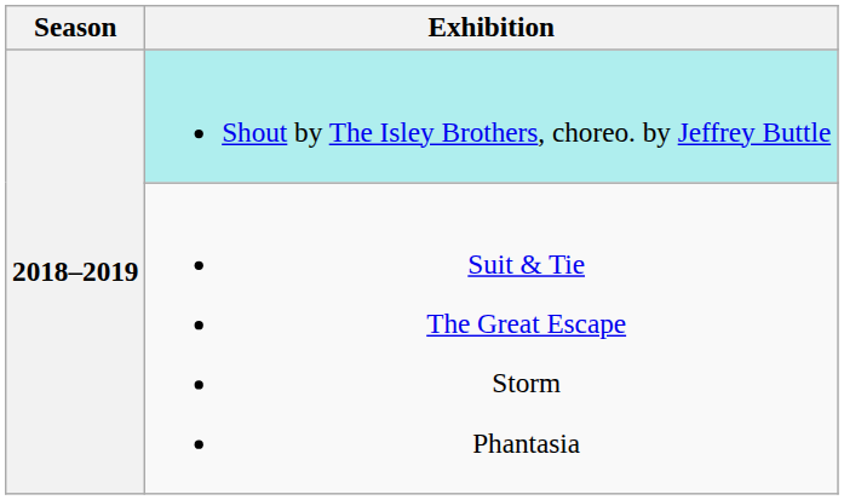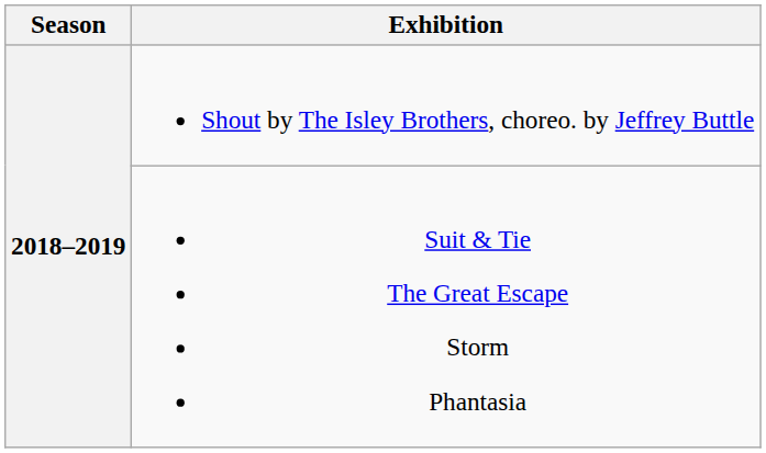 <table class="wikitable" style="text-align:center">
 <tr>
 <th>Season</th>
 <th>Exhibition</th>
 </tr>
 <tr>
 <th rowspan="2">2018–2019 <br></th>
-<td style="background: paleturquoise;"><br><ul><li><a href='#'>Shout</a> by <a href='#'>The Isley Brothers</a>, choreo. by <a href='#'>Jeffrey Buttle</a></li></ul></td>
+<td><br><ul><li><a href='#'>Shout</a> by <a href='#'>The Isley Brothers</a>, choreo. by <a href='#'>Jeffrey Buttle</a></li></ul></td>
 </tr>
 <tr>
 <td><br><ul><li><a href='#'>Suit & Tie</a> </li></ul><ul><li><a href='#'>The Great Escape</a> </li></ul><ul><li>Storm </li></ul><ul><li>Phantasia </li></ul></td>
 </tr>
 </table>
